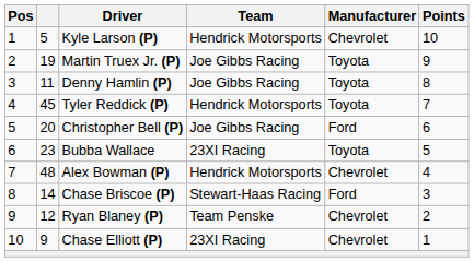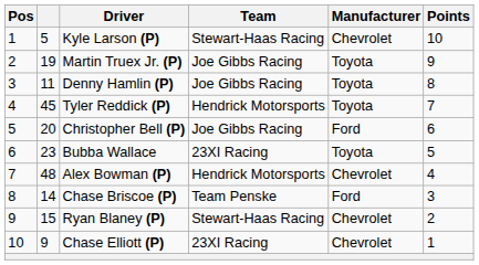 <table class="wikitable" style="font-size:98%">
 <tr>
 <th>Pos</th>
 <th></th>
 <th>Driver</th>
 <th>Team</th>
 <th>Manufacturer</th>
 <th>Points</th>
 </tr>
 <tr>
 <td>1</td>
 <td>5</td>
 <td>Kyle Larson <strong>(P)</strong></td>
-<td>Hendrick Motorsports</td>
+<td>Stewart-Haas Racing</td>
 <td>Chevrolet</td>
 <td>10</td>
 </tr>
 <tr>
 <td>2</td>
 <td>19</td>
 <td>Martin Truex Jr. <strong>(P)</strong></td>
 <td>Joe Gibbs Racing</td>
 <td>Toyota</td>
 <td>9</td>
 </tr>
 <tr>
 <td>3</td>
 <td>11</td>
 <td>Denny Hamlin <strong>(P)</strong></td>
 <td>Joe Gibbs Racing</td>
 <td>Toyota</td>
 <td>8</td>
 </tr>
 <tr>
 <td>4</td>
 <td>45</td>
 <td>Tyler Reddick <strong>(P)</strong></td>
 <td>Hendrick Motorsports</td>
 <td>Toyota</td>
 <td>7</td>
 </tr>
 <tr>
 <td>5</td>
 <td>20</td>
 <td>Christopher Bell <strong>(P)</strong></td>
 <td>Joe Gibbs Racing</td>
 <td>Ford</td>
 <td>6</td>
 </tr>
 <tr>
 <td>6</td>
 <td>23</td>
 <td>Bubba Wallace</td>
 <td>23XI Racing</td>
 <td>Toyota</td>
 <td>5</td>
 </tr>
 <tr>
 <td>7</td>
 <td>48</td>
 <td>Alex Bowman <strong>(P)</strong></td>
 <td>Hendrick Motorsports</td>
 <td>Chevrolet</td>
 <td>4</td>
 </tr>
 <tr>
 <td>8</td>
 <td>14</td>
 <td>Chase Briscoe <strong>(P)</strong></td>
-<td>Stewart-Haas Racing</td>
+<td>Team Penske</td>
 <td>Ford</td>
 <td>3</td>
 </tr>
 <tr>
 <td>9</td>
-<td>12</td>
+<td>15</td>
 <td>Ryan Blaney <strong>(P)</strong></td>
-<td>Team Penske</td>
+<td>Stewart-Haas Racing</td>
 <td>Chevrolet</td>
 <td>2</td>
 </tr>
 <tr>
 <td>10</td>
 <td>9</td>
 <td>Chase Elliott <strong>(P)</strong></td>
 <td>23XI Racing</td>
 <td>Chevrolet</td>
 <td>1</td>
 </tr>
 <tr>
 <th colspan="6"></th>
 </tr>
 </table>
